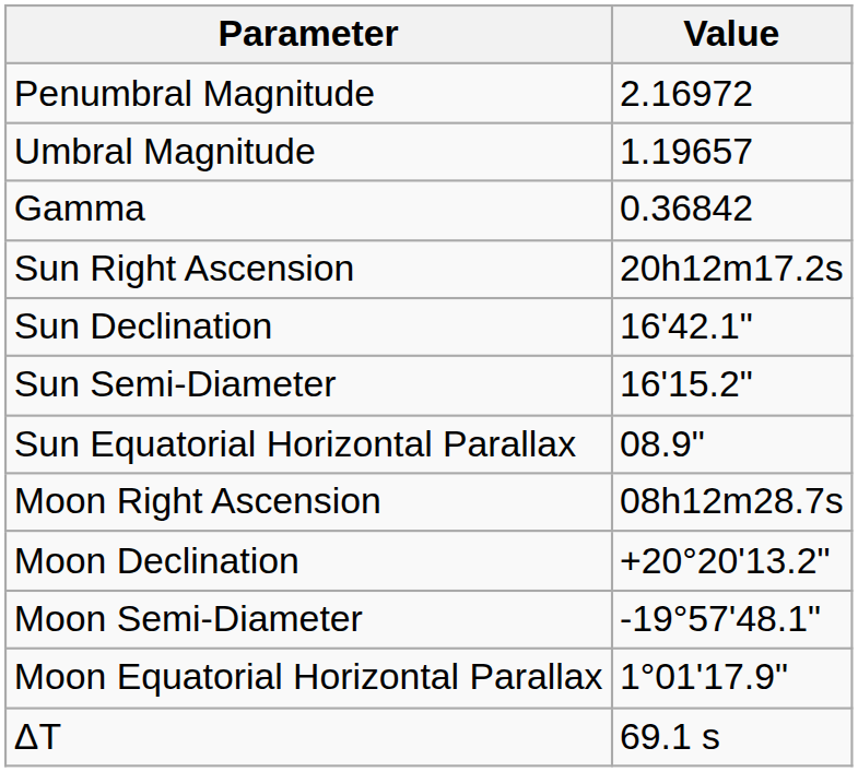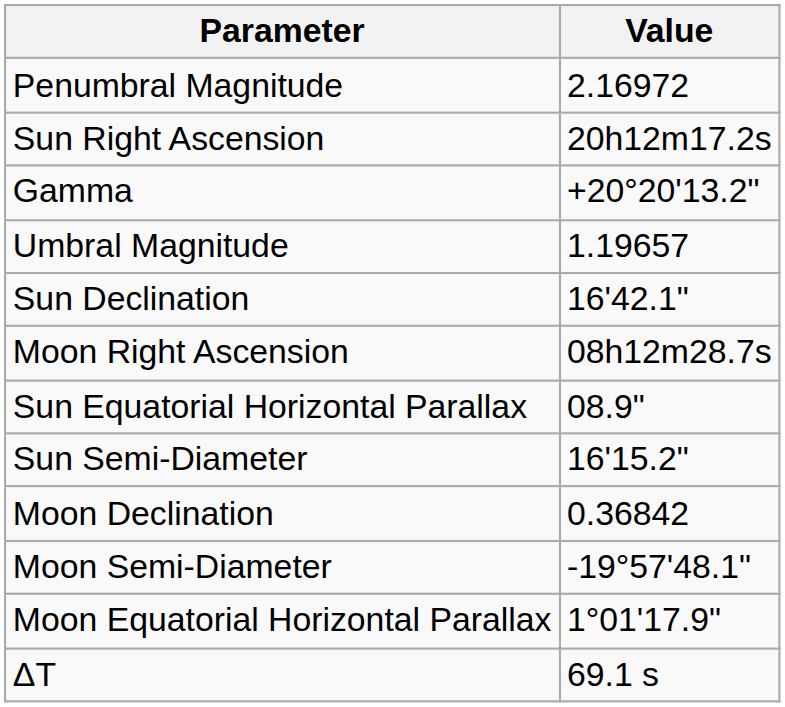 <table class="wikitable">
 <tr>
 <th>Parameter</th>
 <th>Value</th>
 </tr>
 <tr>
 <td>Penumbral Magnitude</td>
 <td>2.16972</td>
 </tr>
 <tr>
-<td>Umbral Magnitude</td>
-<td>1.19657</td>
+<td>Sun Right Ascension</td>
+<td>20h12m17.2s</td>
 </tr>
 <tr>
 <td>Gamma</td>
-<td>0.36842</td>
+<td>+20°20'13.2"</td>
 </tr>
 <tr>
-<td>Sun Right Ascension</td>
-<td>20h12m17.2s</td>
+<td>Umbral Magnitude</td>
+<td>1.19657</td>
 </tr>
 <tr>
 <td>Sun Declination</td>
 <td>16'42.1"</td>
 </tr>
 <tr>
-<td>Sun Semi-Diameter</td>
-<td>16'15.2"</td>
+<td>Moon Right Ascension</td>
+<td>08h12m28.7s</td>
 </tr>
 <tr>
 <td>Sun Equatorial Horizontal Parallax</td>
 <td>08.9"</td>
 </tr>
 <tr>
-<td>Moon Right Ascension</td>
-<td>08h12m28.7s</td>
+<td>Sun Semi-Diameter</td>
+<td>16'15.2"</td>
 </tr>
 <tr>
 <td>Moon Declination</td>
-<td>+20°20'13.2"</td>
+<td>0.36842</td>
 </tr>
 <tr>
 <td>Moon Semi-Diameter</td>
 <td>-19°57'48.1"</td>
 </tr>
 <tr>
 <td>Moon Equatorial Horizontal Parallax</td>
 <td>1°01'17.9"</td>
 </tr>
 <tr>
 <td>ΔT</td>
 <td>69.1 s</td>
 </tr>
 </table>
